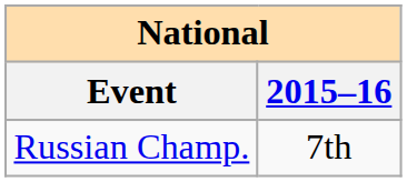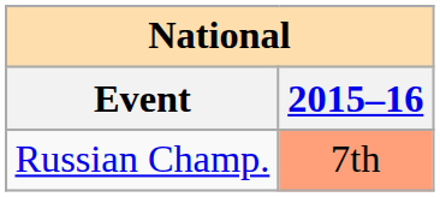 <table class="wikitable" style="text-align:center">
 <tr>
 <th style="background-color: #ffdead; " colspan=2 align=center><strong>National</strong></th>
 </tr>
 <tr>
 <th>Event</th>
 <th><a href='#'>2015–16</a></th>
 </tr>
 <tr>
 <td align=left><a href='#'>Russian Champ.</a></td>
-<td>7th</td>
+<td style="background: lightsalmon;">7th</td>
 </tr>
 </table>
